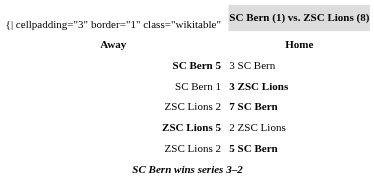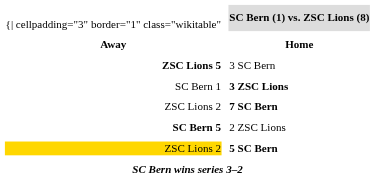 <table cellspacing="10">
 <tr>
 <td valign="top"><br>	{| cellpadding="3" border="1"  class="wikitable"</td>
 <th bgcolor="#DDDDDD" colspan="4">SC Bern (1) vs. ZSC Lions (8)</th>
 </tr>
 <tr>
 <th>Away</th>
 <th>Home</th>
 </tr>
 <tr>
-<td align = "right"><strong>SC Bern 5</strong></td>
+<td align = "right"><strong>ZSC Lions 5</strong></td>
 <td>3 SC Bern</td>
 </tr>
 <tr>
 <td align = "right">SC Bern 1</td>
 <td><strong>3 ZSC Lions</strong></td>
 </tr>
 <tr>
 <td align = "right">ZSC Lions 2</td>
 <td><strong>7 SC Bern</strong></td>
 </tr>
 <tr>
-<td align = "right"><strong>ZSC Lions 5</strong></td>
+<td align = "right"><strong>SC Bern 5</strong></td>
 <td>2 ZSC Lions</td>
 </tr>
 <tr>
-<td align = "right">ZSC Lions 2</td>
+<td align = "right" style="background: gold;">ZSC Lions 2</td>
 <td><strong>5 SC Bern</strong></td>
 </tr>
 <tr align="center">
 <td colspan="4"><strong><em>SC Bern wins series 3–2</em></strong></td>
 </tr>
 </table>
